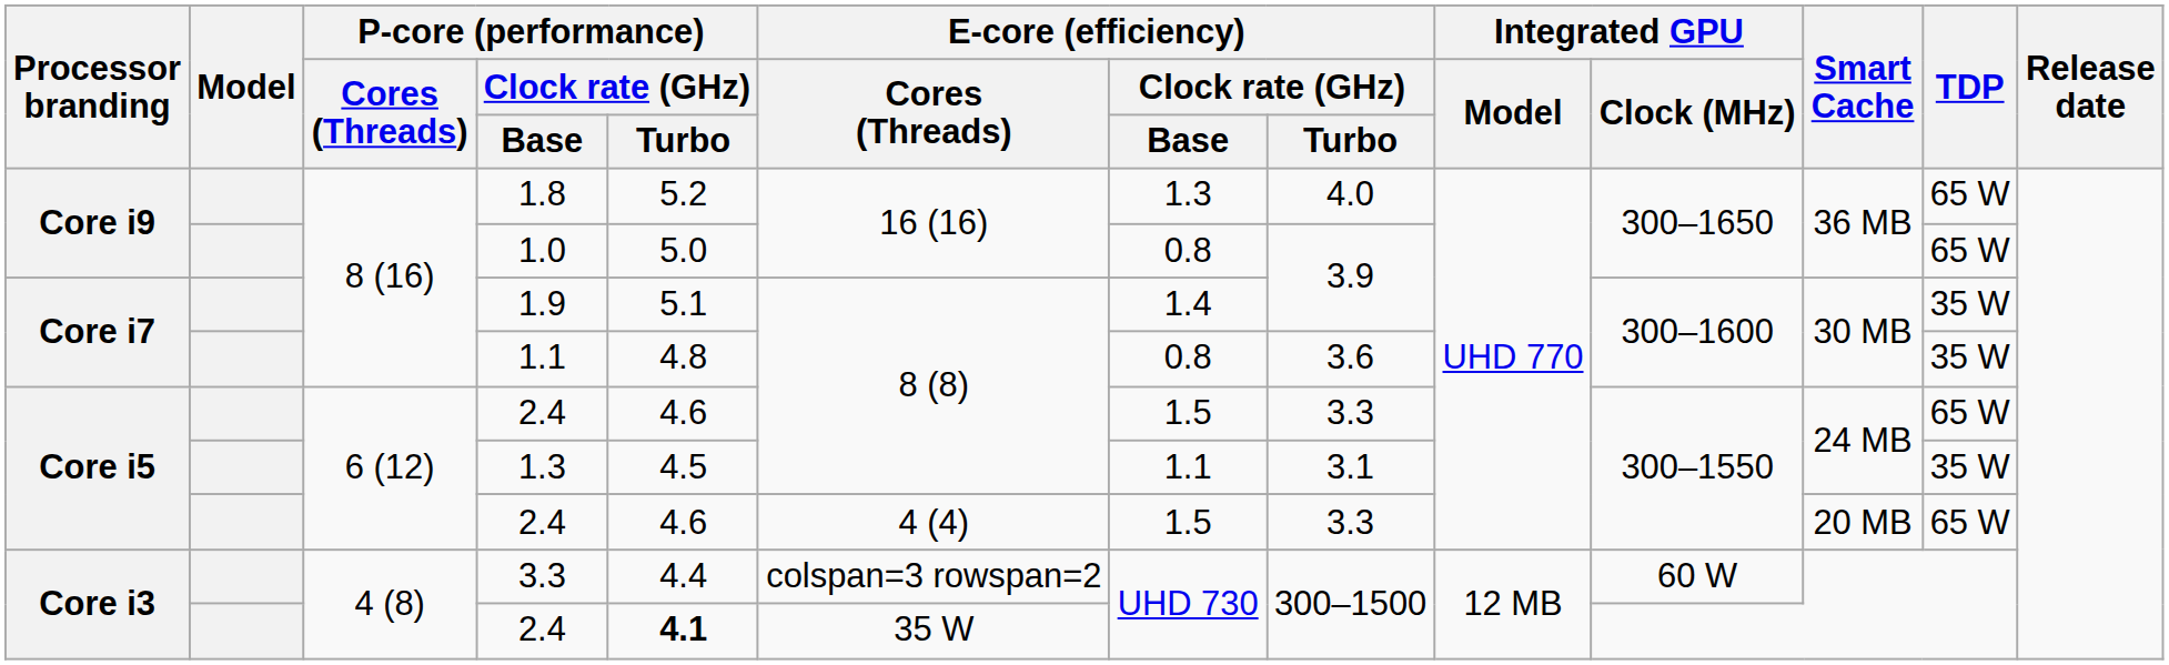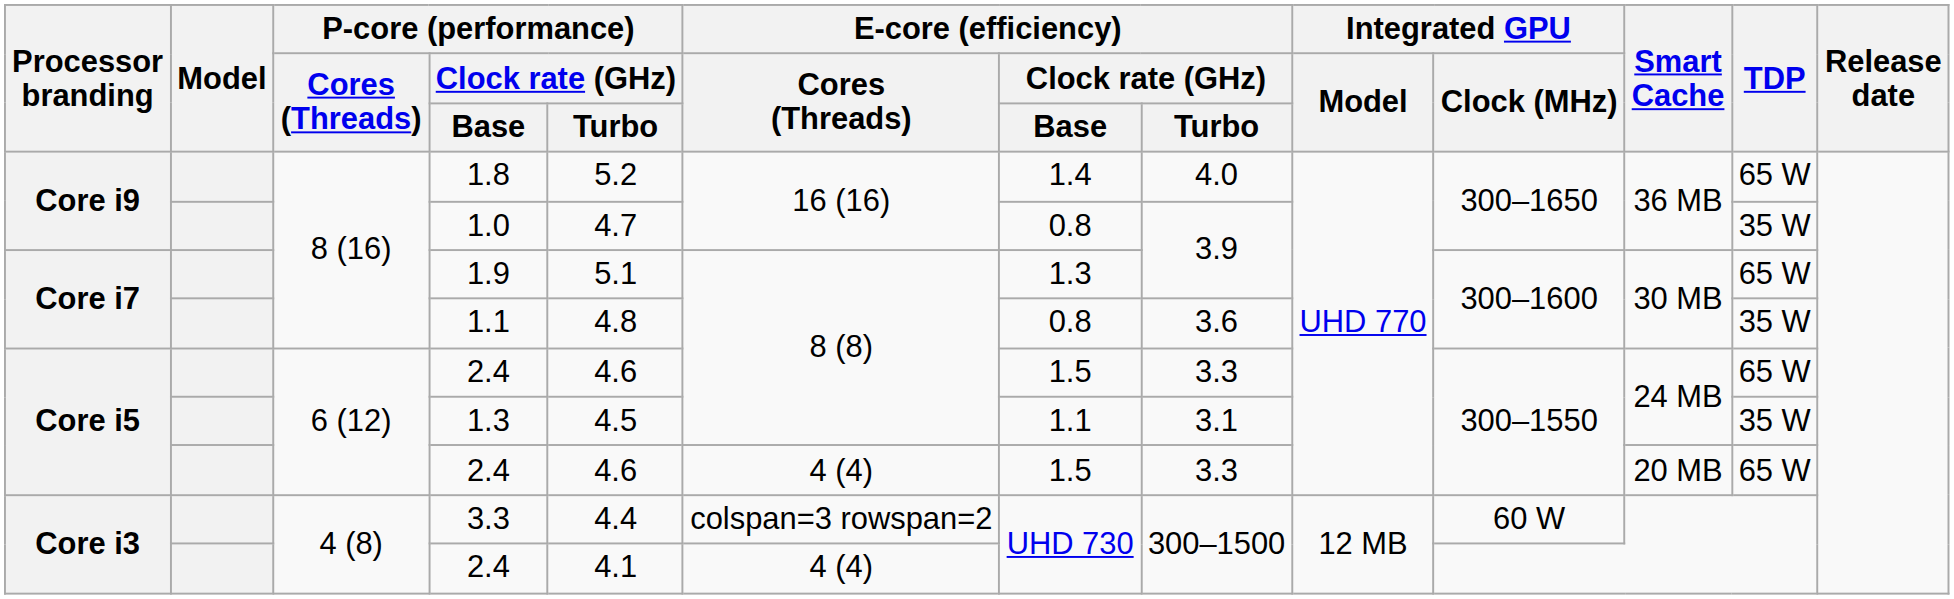 <table class="wikitable sortable nowrap" style="text-align: center;">
 <tr>
 <th class="unsortable" rowspan="3">Processor<br>branding</th>
 <th rowspan="3">Model</th>
 <th colspan="3">P-core (performance)</th>
 <th colspan="3">E-core (efficiency)</th>
 <th colspan="2">Integrated <a href='#'>GPU</a></th>
 <th class="unsortable" rowspan="3"><a href='#'>Smart<br>Cache</a></th>
 <th rowspan="3"><a href='#'>TDP</a></th>
 <th rowspan="3">Release<br>date</th>
 </tr>
 <tr>
 <th class="unsortable" rowspan="2"><a href='#'>Cores</a><br>(<a href='#'>Threads</a>)</th>
 <th colspan="2"><a href='#'>Clock rate</a> (GHz)</th>
 <th class="unsortable" rowspan="2">Cores<br>(Threads)</th>
 <th colspan="2">Clock rate (GHz)</th>
 <th class="unsortable" rowspan="2">Model</th>
 <th class="unsortable" rowspan="2">Clock (MHz)</th>
 </tr>
 <tr>
 <th class="unsortable">Base</th>
 <th class="unsortable">Turbo</th>
 <th class="unsortable">Base</th>
 <th class="unsortable">Turbo</th>
 </tr>
 <tr>
 <th rowspan=2>Core i9</th>
 <th style="text-align:left;" data-sort-value="sku9"></th>
 <td rowspan=4>8 (16)</td>
 <td>1.8</td>
 <td>5.2</td>
 <td rowspan=2>16 (16)</td>
-<td>1.3</td>
+<td>1.4</td>
 <td>4.0</td>
 <td rowspan=7><a href='#'>UHD 770</a></td>
 <td rowspan=2>300–1650</td>
 <td rowspan=2>36 MB</td>
 <td>65 W</td>
 <td rowspan=9></td>
 </tr>
 <tr>
 <th style="text-align:left;" data-sort-value="sku8"></th>
 <td>1.0</td>
-<td>5.0</td>
+<td>4.7</td>
 <td>0.8</td>
 <td rowspan=2>3.9</td>
-<td>65 W</td>
+<td>35 W</td>
 </tr>
 <tr>
 <th rowspan=2>Core i7</th>
 <th style="text-align:left;" data-sort-value="sku7"></th>
 <td>1.9</td>
 <td>5.1</td>
 <td rowspan=4>8 (8)</td>
-<td>1.4</td>
+<td>1.3</td>
 <td rowspan=2>300–1600</td>
 <td rowspan=2>30 MB</td>
-<td>35 W</td>
+<td>65 W</td>
 </tr>
 <tr>
 <th style="text-align:left;" data-sort-value="sku6"></th>
 <td>1.1</td>
 <td>4.8</td>
 <td>0.8</td>
 <td>3.6</td>
 <td>35 W</td>
 </tr>
 <tr>
 <th rowspan=3>Core i5</th>
 <th style="text-align:left;" data-sort-value="sku5"></th>
 <td rowspan=3>6 (12)</td>
 <td>2.4</td>
 <td>4.6</td>
 <td>1.5</td>
 <td>3.3</td>
 <td rowspan=3>300–1550</td>
 <td rowspan=2>24 MB</td>
 <td>65 W</td>
 </tr>
 <tr>
 <th style="text-align:left;" data-sort-value="sku4"></th>
 <td>1.3</td>
 <td>4.5</td>
 <td>1.1</td>
 <td>3.1</td>
 <td>35 W</td>
 </tr>
 <tr>
 <th style="text-align:left;" data-sort-value="sku3"></th>
 <td>2.4</td>
 <td>4.6</td>
 <td>4 (4)</td>
 <td>1.5</td>
 <td>3.3</td>
 <td>20 MB</td>
 <td>65 W</td>
 </tr>
 <tr>
 <th rowspan=2>Core i3</th>
 <th style="text-align:left;" data-sort-value="sku2"></th>
 <td rowspan=2>4 (8)</td>
 <td>3.3</td>
 <td>4.4</td>
 <td>colspan=3 rowspan=2 </td>
 <td rowspan=2><a href='#'>UHD 730</a></td>
 <td rowspan=2>300–1500</td>
 <td rowspan=2>12 MB</td>
 <td>60 W</td>
 </tr>
 <tr>
 <th style="text-align:left;" data-sort-value="sku1"></th>
 <td>2.4</td>
-<td><strong>4.1</strong></td>
-<td>35 W</td>
+<td>4.1</td>
+<td>4 (4)</td>
 </tr>
 </table>
